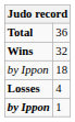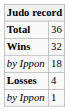 <table class="wikitable">
 <tr>
 <th colspan="2">Judo record</th>
 </tr>
 <tr>
 <td><strong>Total</strong></td>
 <td>36</td>
 </tr>
 <tr>
 <td><strong>Wins</strong></td>
 <td>32</td>
 </tr>
 <tr>
 <td><em>by Ippon</em></td>
 <td>18</td>
 </tr>
 <tr>
 <td><strong>Losses</strong></td>
 <td>4</td>
 </tr>
 <tr>
-<td><strong><em>by Ippon</em></strong></td>
+<td><em>by Ippon</em></td>
 <td>1</td>
 </tr>
 </table>
